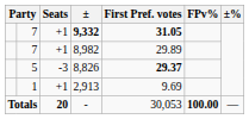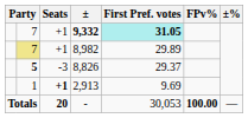 <table class=wikitable>
 <tr>
 <th colspan=2 align=center>Party</th>
 <th valign=top>Seats</th>
 <th valign=top>±</th>
 <th valign=top>First Pref. votes</th>
 <th valign=top>FPv%</th>
 <th valign=top>±%</th>
 </tr>
 <tr>
 <td></td>
 <td align=right>7</td>
 <td align=right>+1</td>
 <td align=right><strong>9,332</strong></td>
-<td align=right><strong>31.05</strong></td>
+<td align=right style="background: paleturquoise;"><strong>31.05</strong></td>
 <td align=right></td>
 </tr>
 <tr>
 <td></td>
-<td align=right>7</td>
+<td align=right style="background: khaki;">7</td>
 <td align=right>+1</td>
 <td align=right>8,982</td>
 <td align=right>29.89</td>
 <td align=right></td>
 </tr>
 <tr>
 <td></td>
-<td align=right>5</td>
+<td align=right><strong>5</strong></td>
 <td align=right>-3</td>
 <td align=right>8,826</td>
-<td align=right><strong>29.37</strong></td>
+<td align=right>29.37</td>
 <td align=right></td>
 </tr>
 <tr>
 <td></td>
 <td align=right>1</td>
-<td align=right>+1</td>
+<td align=right><strong>+1</strong></td>
 <td align=right>2,913</td>
 <td align=right>9.69</td>
 <td align=right></td>
 </tr>
 <tr>
 <td colspan=2 align=center><strong>Totals</strong></td>
 <td align=right><strong>20</strong></td>
 <td align=center>-</td>
 <td align=right>30,053</td>
 <td align=center><strong>100.00</strong></td>
 <td align=center>—</td>
 </tr>
 </table>
